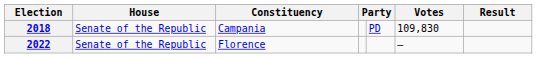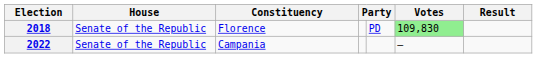 <table class="wikitable" style="width:55%; border:1px #aaf solid;">
 <tr>
 <th style="width:12%;">Election</th>
 <th style="width:25%;">House</th>
 <th style="width:25%;">Constituency</th>
 <th style="width:5%;" colspan="2">Party</th>
 <th style="width:12%;">Votes</th>
 <th style="width:12%;">Result</th>
 </tr>
 <tr>
 <th><a href='#'>2018</a></th>
 <td><a href='#'>Senate of the Republic</a></td>
-<td><a href='#'>Campania</a></td>
+<td><a href='#'>Florence</a></td>
 <td></td>
 <td><a href='#'>PD</a></td>
-<td>109,830</td>
+<td style="background: lightgreen;">109,830</td>
 <td></td>
 </tr>
 <tr>
 <th><a href='#'>2022</a></th>
 <td><a href='#'>Senate of the Republic</a></td>
-<td><a href='#'>Florence</a></td>
+<td><a href='#'>Campania</a></td>
 <td></td>
 <td></td>
 <td>–</td>
 <td></td>
 </tr>
 </table>
